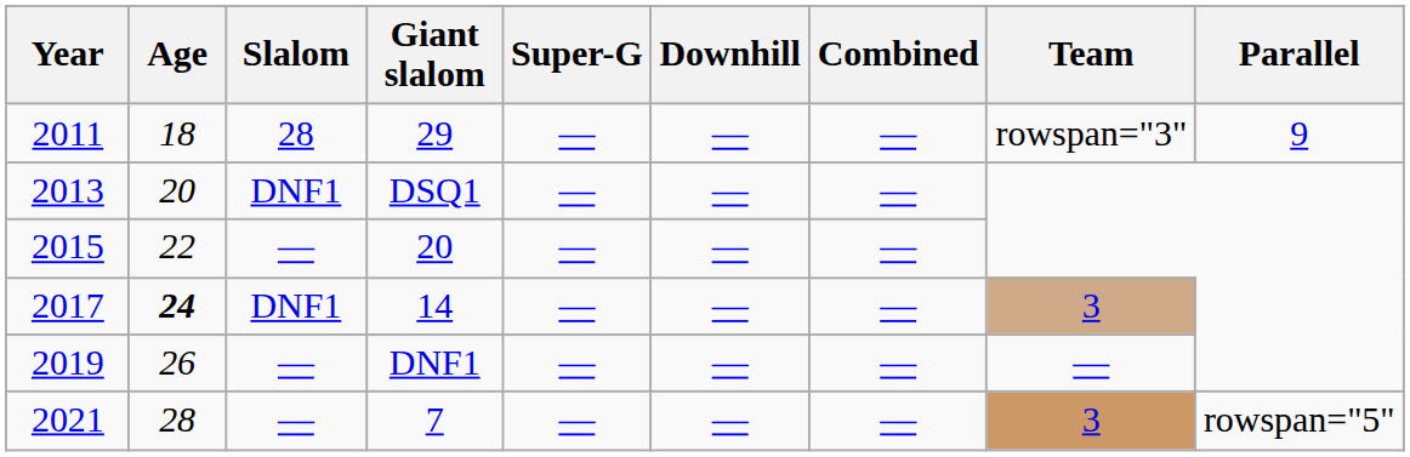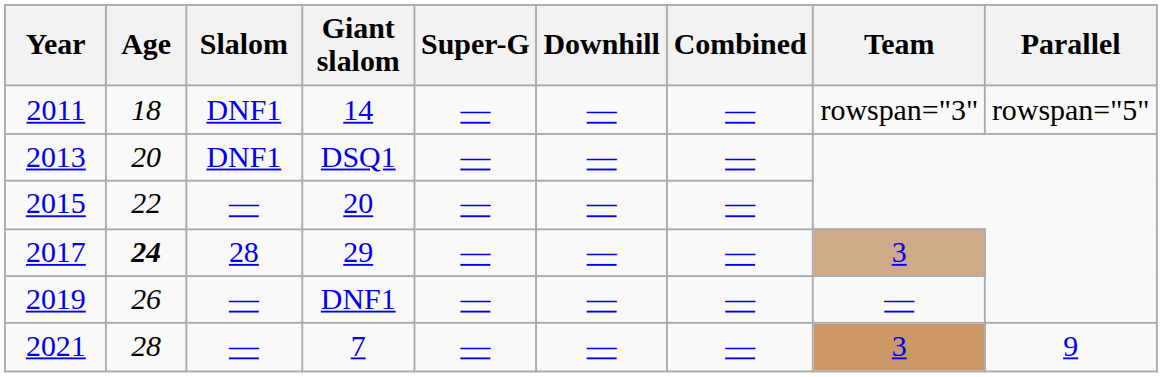 <table class=wikitable style="text-align:center">
 <tr>
 <th>  Year  </th>
 <th> Age </th>
 <th> Slalom </th>
 <th> Giant <br> slalom </th>
 <th>Super-G</th>
 <th>Downhill</th>
 <th>Combined</th>
 <th>Team</th>
 <th>Parallel</th>
 </tr>
 <tr>
 <td><a href='#'>2011</a></td>
 <td><em>18</em></td>
-<td><a href='#'>28</a></td>
-<td><a href='#'>29</a></td>
+<td><a href='#'>DNF1</a></td>
+<td><a href='#'>14</a></td>
 <td><a href='#'>—</a></td>
 <td><a href='#'>—</a></td>
 <td><a href='#'>—</a></td>
 <td>rowspan="3" </td>
-<td><a href='#'>9</a></td>
+<td>rowspan="5" </td>
 </tr>
 <tr>
 <td><a href='#'>2013</a></td>
 <td><em>20</em></td>
 <td><a href='#'>DNF1</a></td>
 <td><a href='#'>DSQ1</a></td>
 <td><a href='#'>—</a></td>
 <td><a href='#'>—</a></td>
 <td><a href='#'>—</a></td>
 </tr>
 <tr>
 <td><a href='#'>2015</a></td>
 <td><em>22</em></td>
 <td><a href='#'>—</a></td>
 <td><a href='#'>20</a></td>
 <td><a href='#'>—</a></td>
 <td><a href='#'>—</a></td>
 <td><a href='#'>—</a></td>
 </tr>
 <tr>
 <td><a href='#'>2017</a></td>
 <td><strong><em>24</em></strong></td>
-<td><a href='#'>DNF1</a></td>
-<td><a href='#'>14</a></td>
+<td><a href='#'>28</a></td>
+<td><a href='#'>29</a></td>
 <td><a href='#'>—</a></td>
 <td><a href='#'>—</a></td>
 <td><a href='#'>—</a></td>
 <td style="background:#cfaa88;"><a href='#'>3</a></td>
 </tr>
 <tr>
 <td><a href='#'>2019</a></td>
 <td><em>26</em></td>
 <td><a href='#'>—</a></td>
 <td><a href='#'>DNF1</a></td>
 <td><a href='#'>—</a></td>
 <td><a href='#'>—</a></td>
 <td><a href='#'>—</a></td>
 <td><a href='#'>—</a></td>
 </tr>
 <tr>
 <td><a href='#'>2021</a></td>
 <td><em>28</em></td>
 <td><a href='#'>—</a></td>
 <td><a href='#'>7</a></td>
 <td><a href='#'>—</a></td>
 <td><a href='#'>—</a></td>
 <td><a href='#'>—</a></td>
 <td bgcolor="#c96"><a href='#'>3</a></td>
-<td>rowspan="5" </td>
+<td><a href='#'>9</a></td>
 </tr>
 </table>
